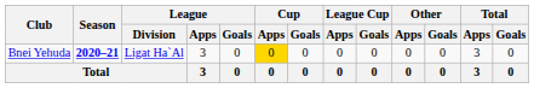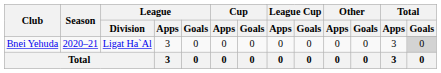 <table class="wikitable" style="text-align: center">
 <tr>
 <th rowspan="2">Club</th>
 <th rowspan="2">Season</th>
 <th colspan="3">League</th>
 <th colspan="2">Cup</th>
 <th colspan="2">League Cup</th>
 <th colspan="2">Other</th>
 <th colspan="2">Total</th>
 </tr>
 <tr>
 <th>Division</th>
 <th>Apps</th>
 <th>Goals</th>
 <th>Apps</th>
 <th>Goals</th>
 <th>Apps</th>
 <th>Goals</th>
 <th>Apps</th>
 <th>Goals</th>
 <th>Apps</th>
 <th>Goals</th>
 </tr>
 <tr>
 <td><a href='#'>Bnei Yehuda</a></td>
-<td><strong><a href='#'>2020–21</a></strong></td>
+<td><a href='#'>2020–21</a></td>
 <td><a href='#'>Ligat Ha`Al</a></td>
 <td>3</td>
 <td>0</td>
-<td style="background: gold;">0</td>
+<td>0</td>
 <td>0</td>
 <td>0</td>
 <td>0</td>
 <td>0</td>
 <td>0</td>
 <td>3</td>
-<td>0</td>
+<td style="background: lightgrey;">0</td>
 </tr>
 <tr>
 <th colspan="3"><strong>Total</strong></th>
 <th>3</th>
 <th>0</th>
 <th>0</th>
 <th>0</th>
 <th>0</th>
 <th>0</th>
 <th>0</th>
 <th>0</th>
 <th>3</th>
 <th>0</th>
 </tr>
 </table>
